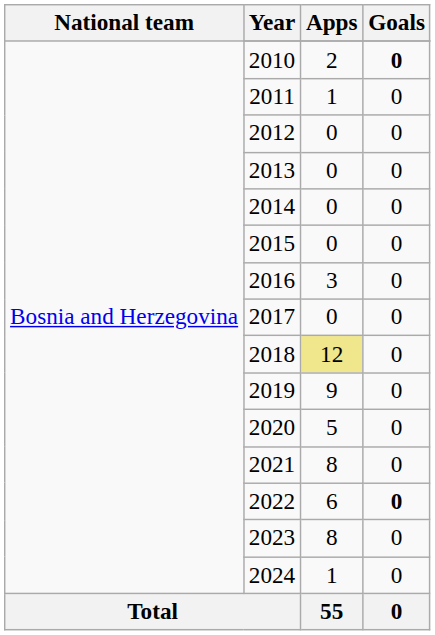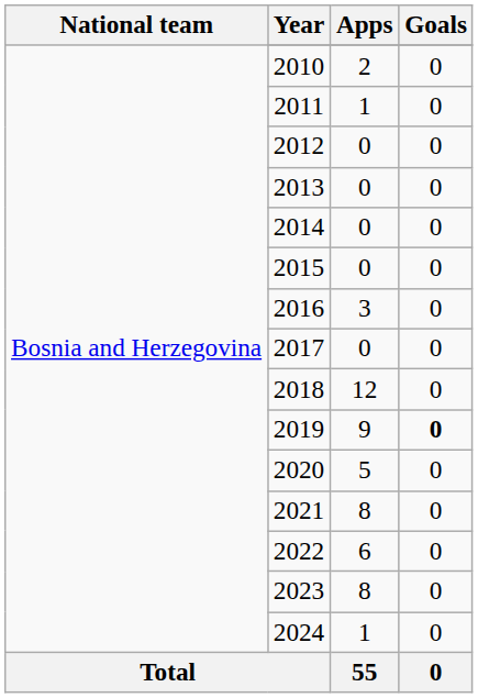 <table class="wikitable" style="text-align:center">
 <tr>
 <th>National team</th>
 <th>Year</th>
 <th>Apps</th>
 <th>Goals</th>
 </tr>
 <tr>
 <td rowspan=16><a href='#'>Bosnia and Herzegovina</a></td>
 </tr>
 <tr>
 <td>2010</td>
 <td>2</td>
-<td><strong>0</strong></td>
+<td>0</td>
 </tr>
 <tr>
 <td>2011</td>
 <td>1</td>
 <td>0</td>
 </tr>
 <tr>
 <td>2012</td>
 <td>0</td>
 <td>0</td>
 </tr>
 <tr>
 <td>2013</td>
 <td>0</td>
 <td>0</td>
 </tr>
 <tr>
 <td>2014</td>
 <td>0</td>
 <td>0</td>
 </tr>
 <tr>
 <td>2015</td>
 <td>0</td>
 <td>0</td>
 </tr>
 <tr>
 <td>2016</td>
 <td>3</td>
 <td>0</td>
 </tr>
 <tr>
 <td>2017</td>
 <td>0</td>
 <td>0</td>
 </tr>
 <tr>
 <td>2018</td>
-<td style="background: khaki;">12</td>
+<td>12</td>
 <td>0</td>
 </tr>
 <tr>
 <td>2019</td>
 <td>9</td>
-<td>0</td>
+<td><strong>0</strong></td>
 </tr>
 <tr>
 <td>2020</td>
 <td>5</td>
 <td>0</td>
 </tr>
 <tr>
 <td>2021</td>
 <td>8</td>
 <td>0</td>
 </tr>
 <tr>
 <td>2022</td>
 <td>6</td>
-<td><strong>0</strong></td>
+<td>0</td>
 </tr>
 <tr>
 <td>2023</td>
 <td>8</td>
 <td>0</td>
 </tr>
 <tr>
 <td>2024</td>
 <td>1</td>
 <td>0</td>
 </tr>
 <tr>
 <th colspan=2>Total</th>
 <th>55</th>
 <th>0</th>
 </tr>
 </table>
